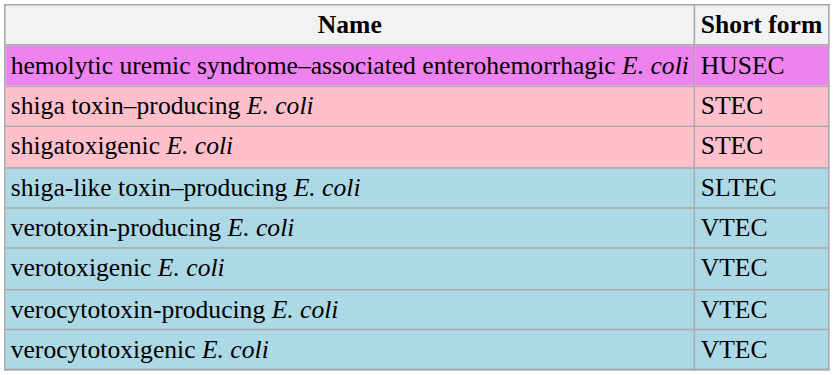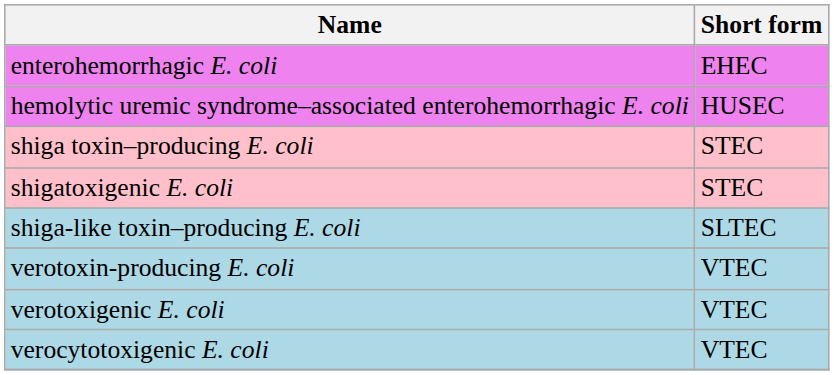 <table class="wikitable sortable">
 <tr>
 <th>Name</th>
 <th>Short form</th>
+</tr>
+<tr>
+<td style="background: Violet">enterohemorrhagic <em>E. coli</em></td>
+<td style="background: Violet">EHEC</td>
 </tr>
 <tr>
 <td style="background: Violet">hemolytic uremic syndrome–associated enterohemorrhagic <em>E. coli</em></td>
 <td style="background: Violet">HUSEC</td>
 </tr>
 <tr>
 <td style="background: pink">shiga toxin–producing <em>E. coli</em></td>
 <td style="background: pink">STEC</td>
 </tr>
 <tr>
 <td style="background: pink">shigatoxigenic <em>E. coli</em></td>
 <td style="background: pink">STEC</td>
 </tr>
 <tr>
 <td style="background: LightBlue">shiga-like toxin–producing <em>E. coli</em></td>
 <td style="background: LightBlue">SLTEC</td>
 </tr>
 <tr>
 <td style="background: LightBlue">verotoxin-producing <em>E. coli</em></td>
 <td style="background: LightBlue">VTEC</td>
 </tr>
 <tr>
 <td style="background: LightBlue">verotoxigenic <em>E. coli</em></td>
 <td style="background: LightBlue">VTEC</td>
 </tr>
 <tr>
-<td style="background: LightBlue">verocytotoxin-producing <em>E. coli</em></td>
-<td style="background: LightBlue">VTEC</td>
-</tr>
-<tr>
 <td style="background: LightBlue">verocytotoxigenic <em>E. coli</em></td>
 <td style="background: LightBlue">VTEC</td>
 </tr>
 <tr>
 </tr>
 </table>
